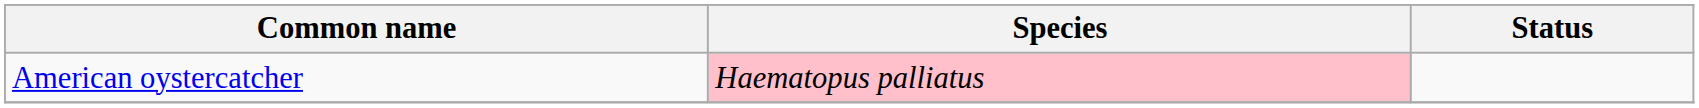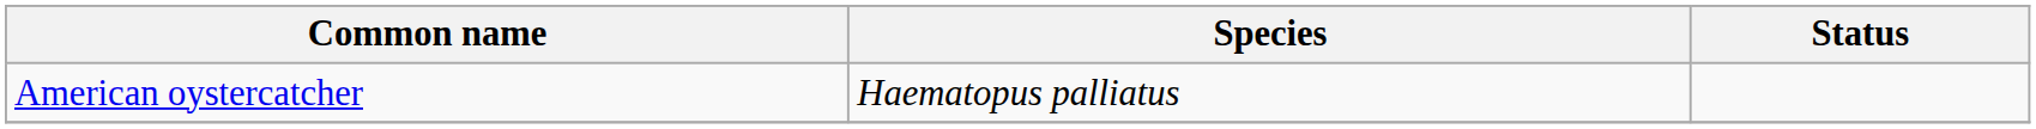 <table width=70% class="wikitable">
 <tr>
 <th width=20%>Common name</th>
 <th width=20%>Species</th>
 <th width=8%>Status</th>
 </tr>
 <tr>
 <td><a href='#'>American oystercatcher</a></td>
-<td style="background: pink;"><em>Haematopus palliatus</em></td>
+<td><em>Haematopus palliatus</em></td>
 <td align=center></td>
 </tr>
 <tr>
 </tr>
 </table>
